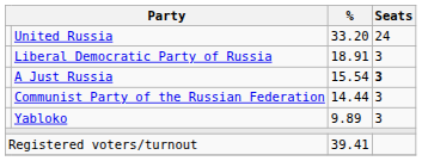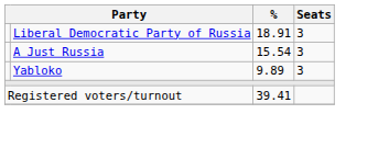 <table class="wikitable">
 <tr>
 <th colspan=2>Party</th>
 <th>%</th>
 <th>Seats</th>
-</tr>
-<tr>
-<td style="background:"></td>
-<td><a href='#'>United Russia</a></td>
-<td>33.20</td>
-<td>24</td>
 </tr>
 <tr>
 <td style="background:"></td>
 <td><a href='#'>Liberal Democratic Party of Russia</a></td>
 <td>18.91</td>
 <td>3</td>
 </tr>
 <tr>
 <td style="background:"></td>
 <td><a href='#'>A Just Russia</a></td>
 <td>15.54</td>
-<td><strong>3</strong></td>
-</tr>
-<tr>
-<td style="background:"></td>
-<td><a href='#'>Communist Party of the Russian Federation</a></td>
-<td>14.44</td>
 <td>3</td>
 </tr>
 <tr>
 <td style="background:"></td>
 <td><a href='#'>Yabloko</a></td>
 <td>9.89</td>
 <td>3</td>
 </tr>
 <tr>
 <td colspan=4 style="background:#E9E9E9;"></td>
 </tr>
 <tr>
 <td align=left colspan=2>Registered voters/turnout</td>
 <td>39.41</td>
 <td></td>
 </tr>
 <tr>
 </tr>
 </table>
